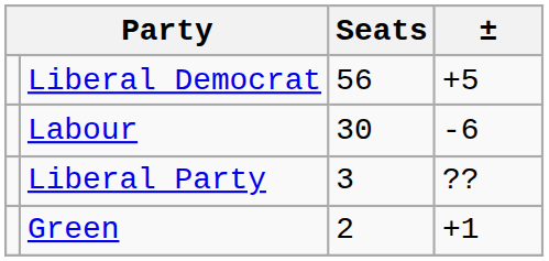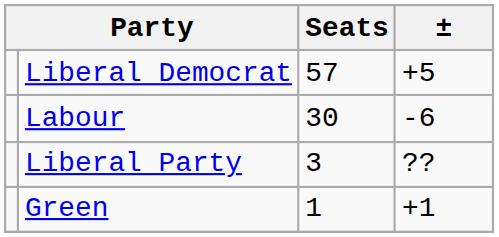 <table class="wikitable">
 <tr>
 <th colspan="2">Party</th>
 <th>Seats</th>
 <th>  ±  </th>
 </tr>
 <tr>
 <td style="background-color: "></td>
 <td><a href='#'>Liberal Democrat</a></td>
-<td>56</td>
+<td>57</td>
 <td>+5</td>
 </tr>
 <tr>
 <td style="background-color: "></td>
 <td><a href='#'>Labour</a></td>
 <td>30</td>
 <td>-6</td>
 </tr>
 <tr>
 <td style="background-color: "></td>
 <td><a href='#'>Liberal Party</a></td>
 <td>3</td>
 <td>??</td>
 </tr>
 <tr>
 <td style="background-color: "></td>
 <td><a href='#'>Green</a></td>
-<td>2</td>
+<td>1</td>
 <td>+1</td>
 </tr>
 <tr>
 </tr>
 </table>
